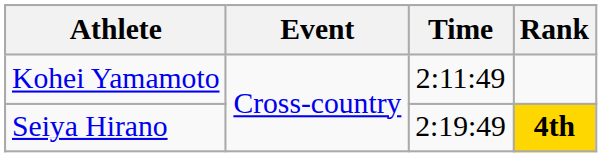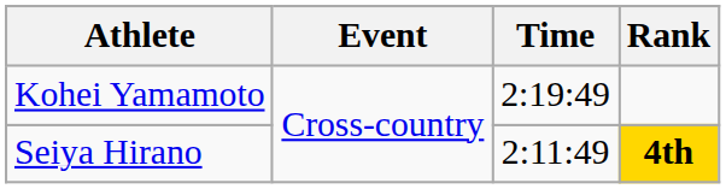 <table class=wikitable style="font-size:90%">
 <tr>
 <th>Athlete</th>
 <th>Event</th>
 <th>Time</th>
 <th>Rank</th>
 </tr>
 <tr>
 <td><a href='#'>Kohei Yamamoto</a></td>
 <td rowspan=2><a href='#'>Cross-country</a></td>
-<td align=center>2:11:49</td>
+<td align=center>2:19:49</td>
 <td align=center></td>
 </tr>
 <tr>
 <td><a href='#'>Seiya Hirano</a></td>
-<td align=center>2:19:49</td>
+<td align=center>2:11:49</td>
 <td align=center style="background: gold;"><strong>4th</strong></td>
 </tr>
 </table>
